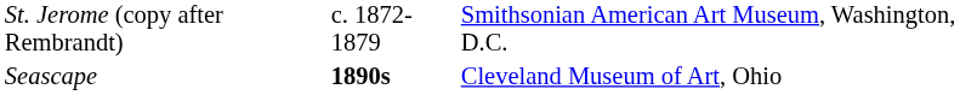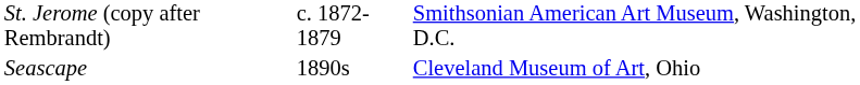 <table>
 <tr>
 <td><em>St. Jerome</em> (copy after Rembrandt)</td>
 <td>c. 1872-1879</td>
 <td><a href='#'>Smithsonian American Art Museum</a>, Washington, D.C.</td>
 </tr>
 <tr>
 <td><em>Seascape </em></td>
-<td><strong>1890s</strong></td>
+<td>1890s</td>
 <td><a href='#'>Cleveland Museum of Art</a>, Ohio</td>
 </tr>
 </table>
